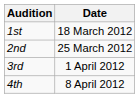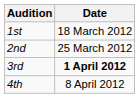 <table class="wikitable">
 <tr>
 <th>Audition</th>
 <th>Date</th>
 </tr>
 <tr>
 <td><em>1st</em></td>
 <td align=center>18 March 2012</td>
 </tr>
 <tr>
 <td><em>2nd</em></td>
 <td align=center>25 March 2012</td>
 </tr>
 <tr>
 <td><em>3rd</em></td>
-<td align=center>1 April 2012</td>
+<td align=center><strong>1 April 2012</strong></td>
 </tr>
 <tr>
 <td><em>4th</em></td>
 <td align=center>8 April 2012</td>
 </tr>
 </table>
